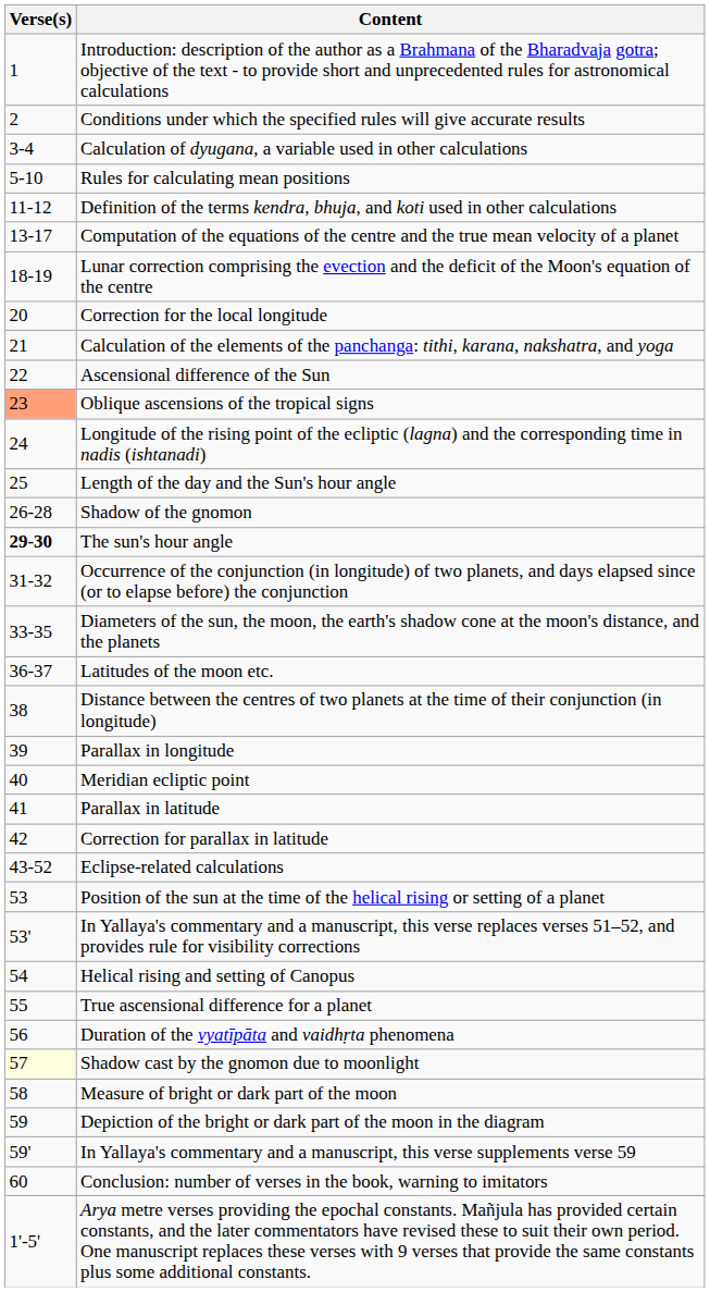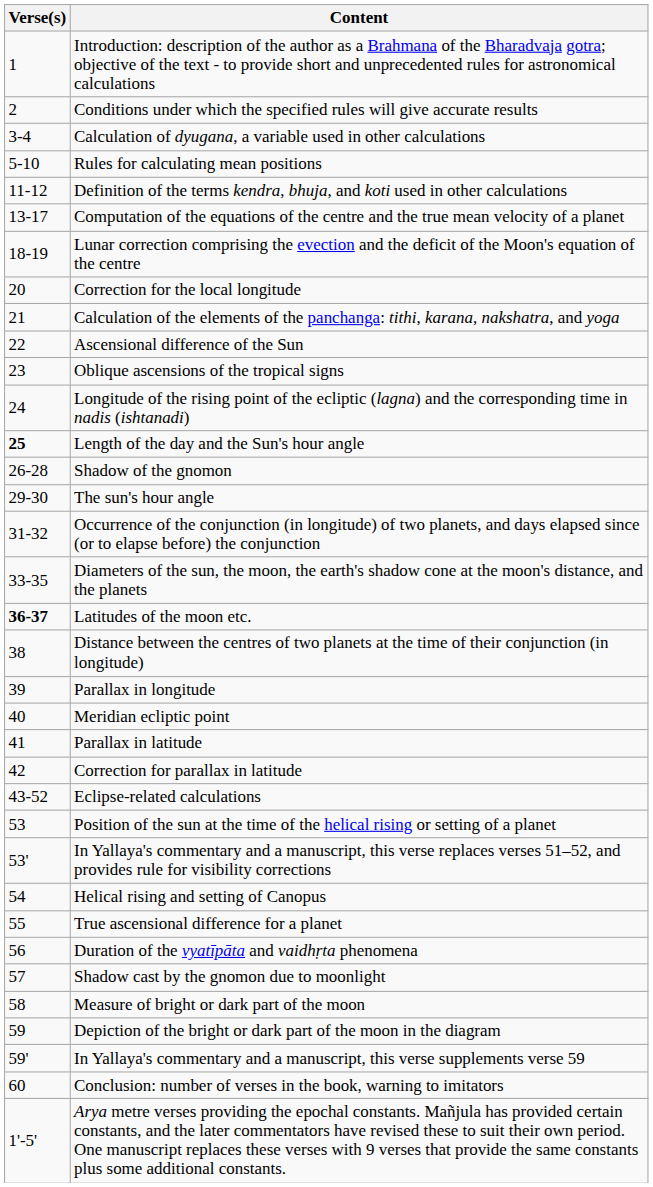 <table class="wikitable collapsible">
 <tr>
 <th>Verse(s)</th>
 <th>Content</th>
 </tr>
 <tr>
 <td>1</td>
 <td>Introduction: description of the author as a <a href='#'>Brahmana</a> of the <a href='#'>Bharadvaja</a> <a href='#'>gotra</a>; objective of the text - to provide short and unprecedented rules for astronomical calculations</td>
 </tr>
 <tr>
 <td>2</td>
 <td>Conditions under which the specified rules will give accurate results</td>
 </tr>
 <tr>
 <td>3-4</td>
 <td>Calculation of <em>dyugana</em>, a variable used in other calculations</td>
 </tr>
 <tr>
 <td>5-10</td>
 <td>Rules for calculating mean positions</td>
 </tr>
 <tr>
 <td>11-12</td>
 <td>Definition of the terms <em>kendra</em>, <em>bhuja</em>, and <em>koti</em> used in other calculations</td>
 </tr>
 <tr>
 <td>13-17</td>
 <td>Computation of the equations of the centre and the true mean velocity of a planet</td>
 </tr>
 <tr>
 <td>18-19</td>
 <td>Lunar correction comprising the <a href='#'>evection</a> and the deficit of the Moon's equation of the centre</td>
 </tr>
 <tr>
 <td>20</td>
 <td>Correction for the local longitude</td>
 </tr>
 <tr>
 <td>21</td>
 <td>Calculation of the elements of the <a href='#'>panchanga</a>: <em>tithi</em>, <em>karana</em>, <em>nakshatra</em>, and <em>yoga</em></td>
 </tr>
 <tr>
 <td>22</td>
 <td>Ascensional difference of the Sun</td>
 </tr>
 <tr>
-<td style="background: lightsalmon;">23</td>
+<td>23</td>
 <td>Oblique ascensions of the tropical signs</td>
 </tr>
 <tr>
 <td>24</td>
 <td>Longitude of the rising point of the ecliptic (<em>lagna</em>) and the corresponding time in <em>nadis</em> (<em>ishtanadi</em>)</td>
 </tr>
 <tr>
-<td>25</td>
+<td><strong>25</strong></td>
 <td>Length of the day and the Sun's hour angle</td>
 </tr>
 <tr>
 <td>26-28</td>
 <td>Shadow of the gnomon</td>
 </tr>
 <tr>
-<td><strong>29-30</strong></td>
+<td>29-30</td>
 <td>The sun's hour angle</td>
 </tr>
 <tr>
 <td>31-32</td>
 <td>Occurrence of the conjunction (in longitude) of two planets, and days elapsed since (or to elapse before) the conjunction</td>
 </tr>
 <tr>
 <td>33-35</td>
 <td>Diameters of the sun, the moon, the earth's shadow cone at the moon's distance, and the planets</td>
 </tr>
 <tr>
-<td>36-37</td>
+<td><strong>36-37</strong></td>
 <td>Latitudes of the moon etc.</td>
 </tr>
 <tr>
 <td>38</td>
 <td>Distance between the centres of two planets at the time of their conjunction (in longitude)</td>
 </tr>
 <tr>
 <td>39</td>
 <td>Parallax in longitude</td>
 </tr>
 <tr>
 <td>40</td>
 <td>Meridian ecliptic point</td>
 </tr>
 <tr>
 <td>41</td>
 <td>Parallax in latitude</td>
 </tr>
 <tr>
 <td>42</td>
 <td>Correction for parallax in latitude</td>
 </tr>
 <tr>
 <td>43-52</td>
 <td>Eclipse-related calculations</td>
 </tr>
 <tr>
 <td>53</td>
 <td>Position of the sun at the time of the <a href='#'>helical rising</a> or setting of a planet</td>
 </tr>
 <tr>
 <td>53'</td>
 <td>In Yallaya's commentary and a manuscript, this verse replaces verses 51–52, and provides rule for visibility corrections</td>
 </tr>
 <tr>
 <td>54</td>
 <td>Helical rising and setting of Canopus</td>
 </tr>
 <tr>
 <td>55</td>
 <td>True ascensional difference for a planet</td>
 </tr>
 <tr>
 <td>56</td>
 <td>Duration of the <em><a href='#'>vyatīpāta</a></em> and <em>vaidhṛta</em> phenomena</td>
 </tr>
 <tr>
-<td style="background: lightyellow;">57</td>
+<td>57</td>
 <td>Shadow cast by the gnomon due to moonlight</td>
 </tr>
 <tr>
 <td>58</td>
 <td>Measure of bright or dark part of the moon</td>
 </tr>
 <tr>
 <td>59</td>
 <td>Depiction of the bright or dark part of the moon in the diagram</td>
 </tr>
 <tr>
 <td>59'</td>
 <td>In Yallaya's commentary and a manuscript, this verse supplements verse 59</td>
 </tr>
 <tr>
 <td>60</td>
 <td>Conclusion: number of verses in the book, warning to imitators</td>
 </tr>
 <tr>
 <td>1'-5'</td>
 <td><em>Arya</em> metre verses providing the epochal constants. Mañjula has provided certain constants, and the later commentators have revised these to suit their own period. One manuscript replaces these verses with 9 verses that provide the same constants plus some additional constants.</td>
 </tr>
 </table>
